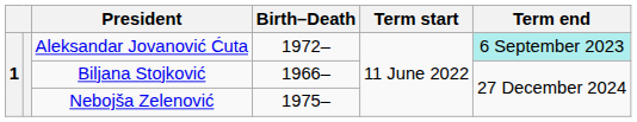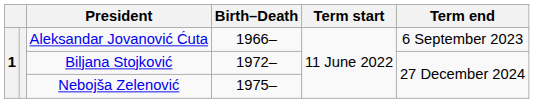 <table class="wikitable" style="text-align:center">
 <tr>
 <th colspan="2"></th>
 <th>President</th>
 <th>Birth–Death</th>
 <th>Term start</th>
 <th>Term end</th>
 </tr>
 <tr>
 <th rowspan="3">1</th>
 <th rowspan="3" style="background:"></th>
 <td><a href='#'>Aleksandar Jovanović Ćuta</a></td>
-<td>1972–</td>
+<td>1966–</td>
 <td rowspan="3">11 June 2022</td>
-<td style="background: paleturquoise;">6 September 2023</td>
+<td>6 September 2023</td>
 </tr>
 <tr>
 <td><a href='#'>Biljana Stojković</a></td>
-<td>1966–</td>
+<td>1972–</td>
 <td rowspan="3">27 December 2024</td>
 </tr>
 <tr>
 <td><a href='#'>Nebojša Zelenović</a></td>
 <td>1975–</td>
 </tr>
 </table>
